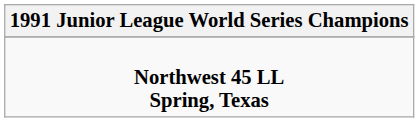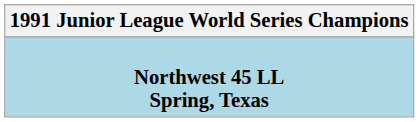 <table class="wikitable" style="text-align: center; margin: 0 auto;">
 <tr>
 <th>1991 Junior League World Series Champions</th>
 </tr>
 <tr>
 </tr>
 <tr>
-<td><br><strong>Northwest 45 LL</strong><br><strong>Spring, Texas</strong></td>
+<td style="background: lightblue;"><br><strong>Northwest 45 LL</strong><br><strong>Spring, Texas</strong></td>
 </tr>
 </table>
